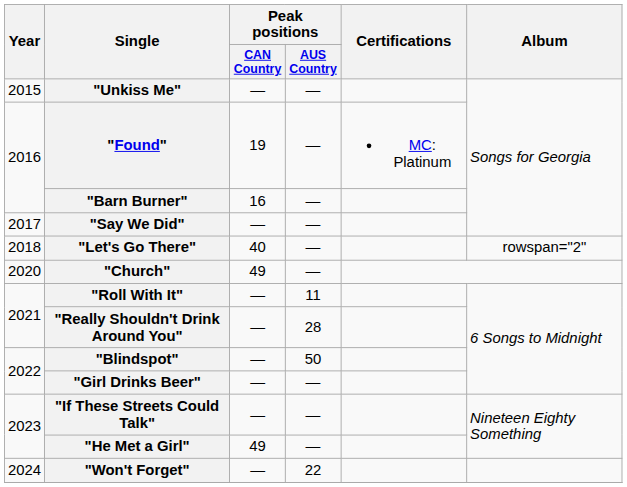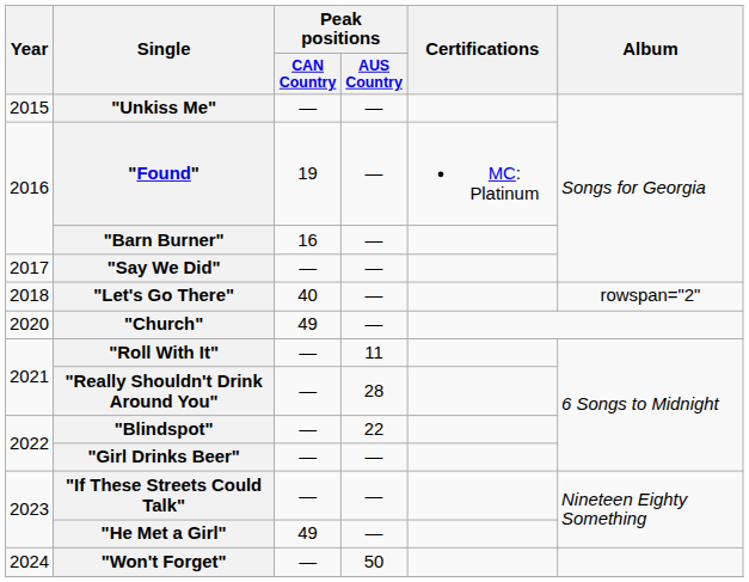 <table class="wikitable plainrowheaders" style="text-align:center;">
 <tr>
 <th rowspan="2">Year</th>
 <th rowspan="2" style="width:12em;">Single</th>
 <th colspan="2">Peak<br>positions</th>
 <th rowspan="2" style="width:8em;">Certifications</th>
 <th rowspan="2" style="width:10em;">Album</th>
 </tr>
 <tr style="font-size:smaller;">
 <th style="width:4em;"><a href='#'>CAN Country</a><br></th>
 <th style="width:4em;"><a href='#'>AUS Country</a><br></th>
 </tr>
 <tr>
 <td>2015</td>
 <th scope="row">"Unkiss Me"</th>
 <td>—</td>
 <td>—</td>
 <td></td>
 <td align="left" rowspan="4"><em>Songs for Georgia</em></td>
 </tr>
 <tr>
 <td rowspan="2">2016</td>
 <th scope="row">"<a href='#'>Found</a>"</th>
 <td>19</td>
 <td>—</td>
 <td><br><ul><li><a href='#'>MC</a>: Platinum</li></ul></td>
 </tr>
 <tr>
 <th scope="row">"Barn Burner"</th>
 <td>16</td>
 <td>—</td>
 <td></td>
 </tr>
 <tr>
 <td>2017</td>
 <th scope="row">"Say We Did"</th>
 <td>—</td>
 <td>—</td>
 <td></td>
 </tr>
 <tr>
 <td>2018</td>
 <th scope="row">"Let's Go There"</th>
 <td>40</td>
 <td>—</td>
 <td></td>
 <td>rowspan="2" </td>
 </tr>
 <tr>
 <td>2020</td>
 <th scope="row">"Church"</th>
 <td>49</td>
 <td>—</td>
 </tr>
 <tr>
 <td rowspan="2">2021</td>
 <th scope="row">"Roll With It"<br></th>
 <td>—</td>
 <td>11</td>
 <td></td>
 <td align="left" rowspan="4"><em>6 Songs to Midnight</em></td>
 </tr>
 <tr>
 <th scope="row">"Really Shouldn't Drink Around You"<br></th>
 <td>—</td>
 <td>28</td>
 <td></td>
 </tr>
 <tr>
 <td rowspan="2">2022</td>
 <th scope="row">"Blindspot"</th>
 <td>—</td>
-<td>50</td>
+<td>22</td>
 <td></td>
 </tr>
 <tr>
 <th scope="row">"Girl Drinks Beer"<br></th>
 <td>—</td>
 <td>—</td>
 <td></td>
 </tr>
 <tr>
 <td rowspan="2">2023</td>
 <th scope="row">"If These Streets Could Talk"</th>
 <td>—</td>
 <td>—</td>
 <td></td>
 <td align="left" rowspan="2"><em>Nineteen Eighty Something</em></td>
 </tr>
 <tr>
 <th scope="row">"He Met a Girl"</th>
 <td>49</td>
 <td>—</td>
 <td></td>
 </tr>
 <tr>
 <td>2024</td>
 <th scope="row">"Won't Forget"<br></th>
 <td>—</td>
-<td>22</td>
+<td>50</td>
 <td></td>
 <td></td>
 </tr>
 <tr>
 </tr>
 </table>
